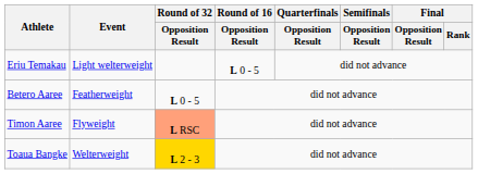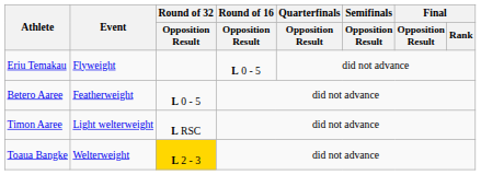 <table class="wikitable" style="font-size:90%; text-align:center">
 <tr>
 <th rowspan=2>Athlete</th>
 <th rowspan=2>Event</th>
 <th>Round of 32</th>
 <th>Round of 16</th>
 <th>Quarterfinals</th>
 <th>Semifinals</th>
 <th colspan=2>Final</th>
 </tr>
 <tr style="font-size:95%">
 <th>Opposition<br>Result</th>
 <th>Opposition<br>Result</th>
 <th>Opposition<br>Result</th>
 <th>Opposition<br>Result</th>
 <th>Opposition<br>Result</th>
 <th>Rank</th>
 </tr>
 <tr>
 <td align=left><a href='#'>Eriu Temakau</a></td>
-<td align=left><a href='#'>Light welterweight</a></td>
+<td align=left><a href='#'>Flyweight</a></td>
 <td></td>
 <td><br><strong>L</strong> 0 - 5</td>
 <td colspan=4>did not advance</td>
 </tr>
 <tr>
 <td align=left><a href='#'>Betero Aaree</a></td>
 <td align=left><a href='#'>Featherweight</a></td>
 <td><br><strong>L</strong> 0 - 5</td>
 <td colspan=5>did not advance</td>
 </tr>
 <tr>
 <td align=left><a href='#'>Timon Aaree</a></td>
-<td align=left><a href='#'>Flyweight</a></td>
-<td style="background: lightsalmon;"><br><strong>L</strong> RSC</td>
+<td align=left><a href='#'>Light welterweight</a></td>
+<td><br><strong>L</strong> RSC</td>
 <td colspan=5>did not advance</td>
 </tr>
 <tr>
 <td align=left><a href='#'>Toaua Bangke</a></td>
 <td align=left><a href='#'>Welterweight</a></td>
 <td style="background: gold;"><br><strong>L</strong> 2 - 3</td>
 <td colspan=5>did not advance</td>
 </tr>
 </table>
